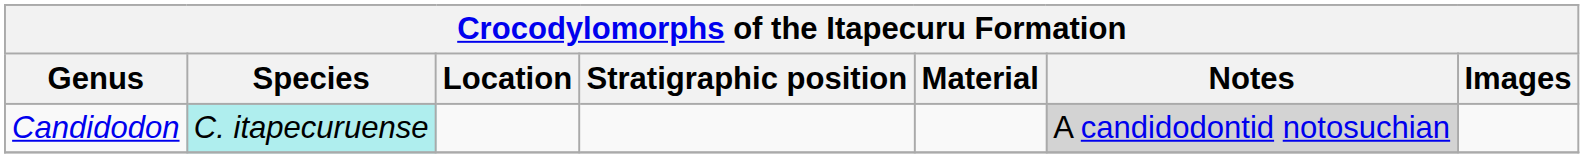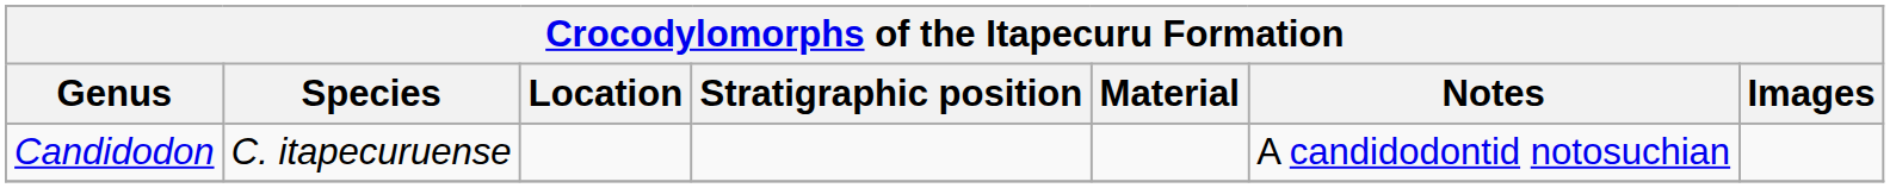 <table class="wikitable" align="center">
 <tr>
 <th colspan="7" align="center"><a href='#'>Crocodylomorphs</a> of the Itapecuru Formation</th>
 </tr>
 <tr>
 <th>Genus</th>
 <th>Species</th>
 <th>Location</th>
 <th>Stratigraphic position</th>
 <th>Material</th>
 <th>Notes</th>
 <th>Images</th>
 </tr>
 <tr>
 <td><em><a href='#'>Candidodon</a></em></td>
-<td style="background: paleturquoise;"><em>C. itapecuruense</em></td>
+<td><em>C. itapecuruense</em></td>
 <td></td>
 <td></td>
 <td></td>
-<td style="background: lightgrey;">A <a href='#'>candidodontid</a> <a href='#'>notosuchian</a></td>
+<td>A <a href='#'>candidodontid</a> <a href='#'>notosuchian</a></td>
 <td></td>
 </tr>
 <tr>
 </tr>
 </table>
